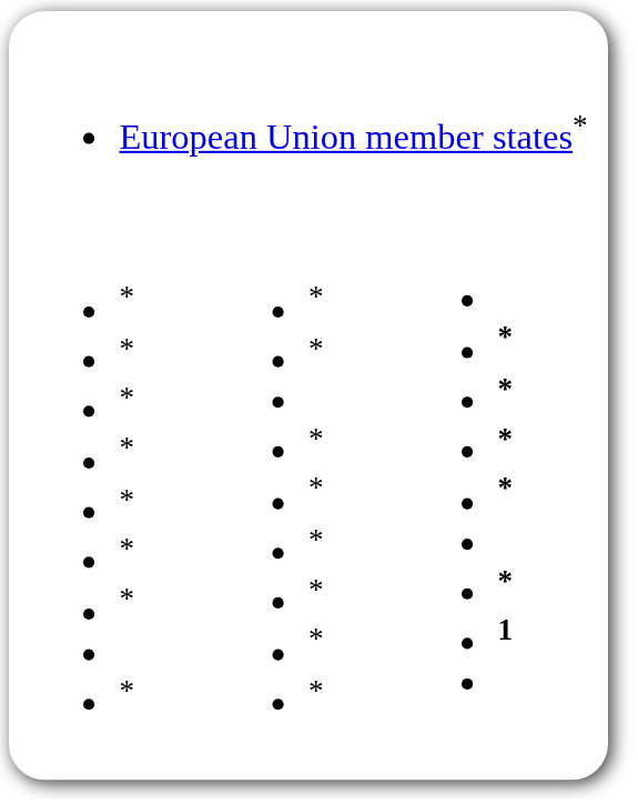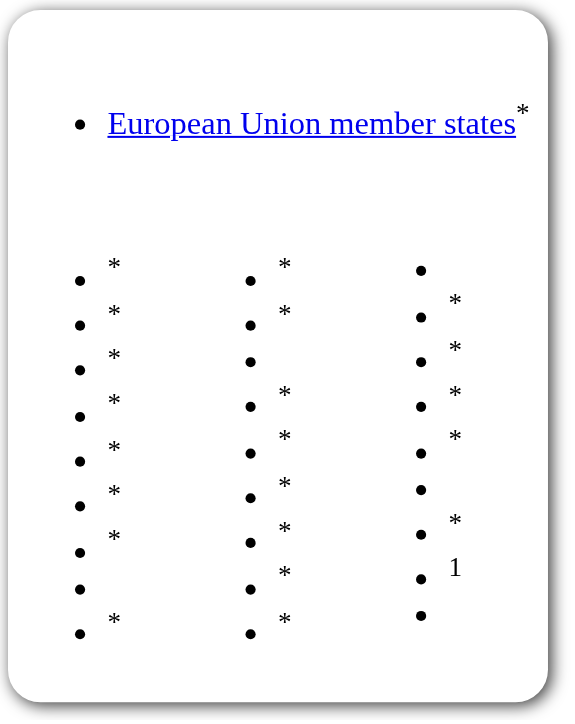 <table style=" border-radius:1em; box-shadow: 0.1em 0.1em 0.5em rgba(0,0,0,0.75); background-color: white; border: 1px solid white; padding: 5px; margin-top:10px;">
 <tr style="vertical-align:top;">
 <td colspan=3><br><ul><li> <a href='#'>European Union member states</a><sup>*</sup></li></ul></td>
 </tr>
 <tr>
 <td><br><ul><li><sup>*</sup></li><li><sup>*</sup></li><li><sup>*</sup></li><li><sup>*</sup></li><li><sup>*</sup></li><li><sup>*</sup></li><li><sup>*</sup></li><li></li><li><sup>*</sup></li></ul></td>
 <td valign="top"><br><ul><li><sup>*</sup></li><li><sup>*</sup></li><li></li><li><sup>*</sup></li><li><sup>*</sup></li><li><sup>*</sup></li><li><sup>*</sup></li><li><sup>*</sup></li><li><sup>*</sup></li></ul></td>
-<td valign="top"><strong><br><ul><li></li><li><sup>*</sup></li><li><sup>*</sup></li><li><sup>*</sup></li><li><sup>*</sup></li><li></li><li><sup>*</sup></li><li><sup>1</sup></li><li></li></ul></strong></td>
+<td valign="top"><br><ul><li></li><li><sup>*</sup></li><li><sup>*</sup></li><li><sup>*</sup></li><li><sup>*</sup></li><li></li><li><sup>*</sup></li><li><sup>1</sup></li><li></li></ul></td>
 </tr>
 </table>
